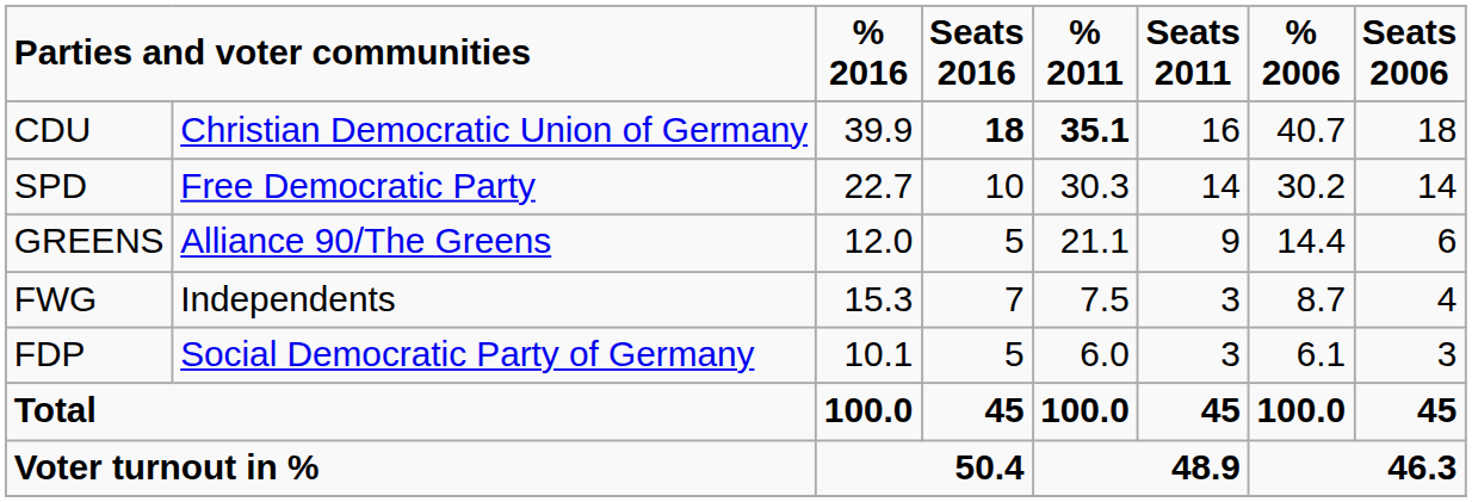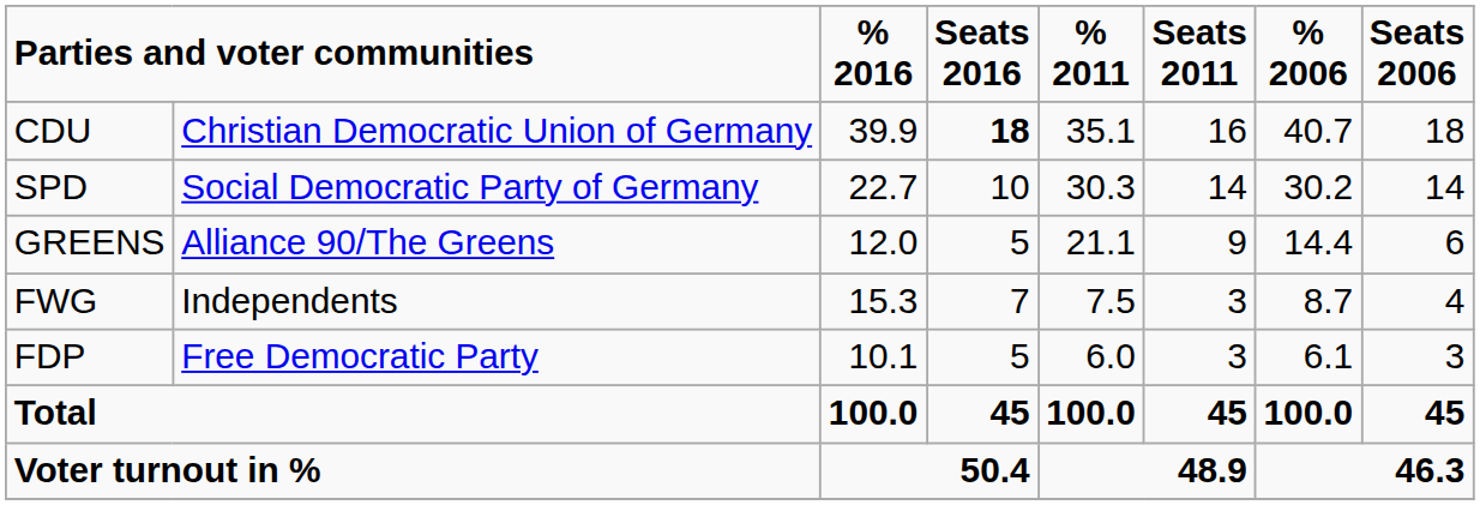 <table class="wikitable">
 <tr --  class="hintergrundfarbe5">
 <td colspan="2"><strong>Parties and voter communities</strong></td>
 <td align="center"><strong>%<br>2016</strong></td>
 <td align="center"><strong>Seats<br>2016</strong></td>
 <td align="center"><strong>%<br>2011</strong></td>
 <td align="center"><strong>Seats<br>2011</strong></td>
 <td align="center"><strong>%<br>2006</strong></td>
 <td align="center"><strong>Seats<br>2006</strong></td>
 </tr>
 <tr --->
 <td>CDU</td>
 <td><a href='#'>Christian Democratic Union of Germany</a></td>
 <td align="right">39.9</td>
 <td align="right"><strong>18</strong></td>
-<td align="right"><strong>35.1</strong></td>
+<td align="right">35.1</td>
 <td align="right">16</td>
 <td align="right">40.7</td>
 <td align="right">18</td>
 </tr>
 <tr --->
 <td>SPD</td>
-<td><a href='#'>Free Democratic Party</a></td>
+<td><a href='#'>Social Democratic Party of Germany</a></td>
 <td align="right">22.7</td>
 <td align="right">10</td>
 <td align="right">30.3</td>
 <td align="right">14</td>
 <td align="right">30.2</td>
 <td align="right">14</td>
 </tr>
 <tr --->
 <td>GREENS</td>
 <td><a href='#'>Alliance 90/The Greens</a></td>
 <td align="right">12.0</td>
 <td align="right">5</td>
 <td align="right">21.1</td>
 <td align="right">9</td>
 <td align="right">14.4</td>
 <td align="right">6</td>
 </tr>
 <tr --->
 <td>FWG</td>
 <td>Independents</td>
 <td align="right">15.3</td>
 <td align="right">7</td>
 <td align="right">7.5</td>
 <td align="right">3</td>
 <td align="right">8.7</td>
 <td align="right">4</td>
 </tr>
 <tr --->
 <td>FDP</td>
-<td><a href='#'>Social Democratic Party of Germany</a></td>
+<td><a href='#'>Free Democratic Party</a></td>
 <td align="right">10.1</td>
 <td align="right">5</td>
 <td align="right">6.0</td>
 <td align="right">3</td>
 <td align="right">6.1</td>
 <td align="right">3</td>
 </tr>
 <tr -- class="hintergrundfarbe5">
 <td colspan="2"><strong>Total</strong></td>
 <td align="right"><strong>100.0</strong></td>
 <td align="right"><strong>45</strong></td>
 <td align="right"><strong>100.0</strong></td>
 <td align="right"><strong>45</strong></td>
 <td align="right"><strong>100.0</strong></td>
 <td align="right"><strong>45</strong></td>
 </tr>
 <tr -- class="hintergrundfarbe5">
 <td colspan="2"><strong>Voter turnout in %</strong></td>
 <td colspan="2" align="right"><strong>50.4</strong></td>
 <td colspan="2" align="right"><strong>48.9</strong></td>
 <td colspan="2" align="right"><strong>46.3</strong></td>
 </tr>
 <tr --->
 </tr>
 </table>
